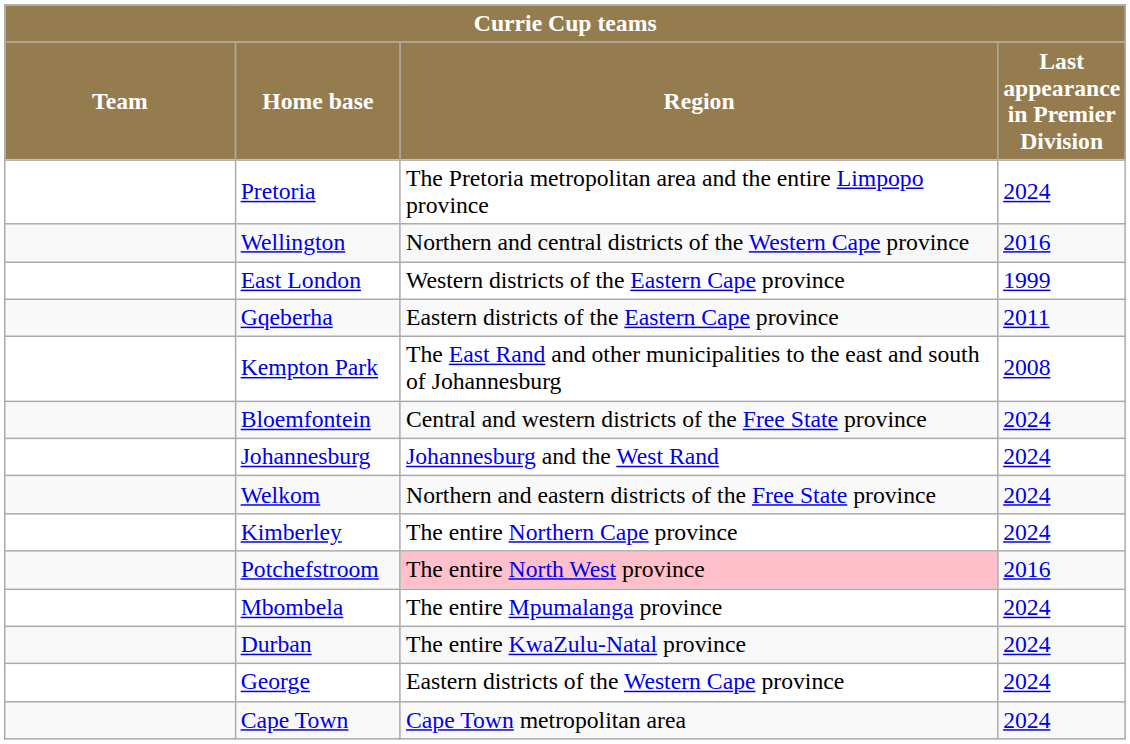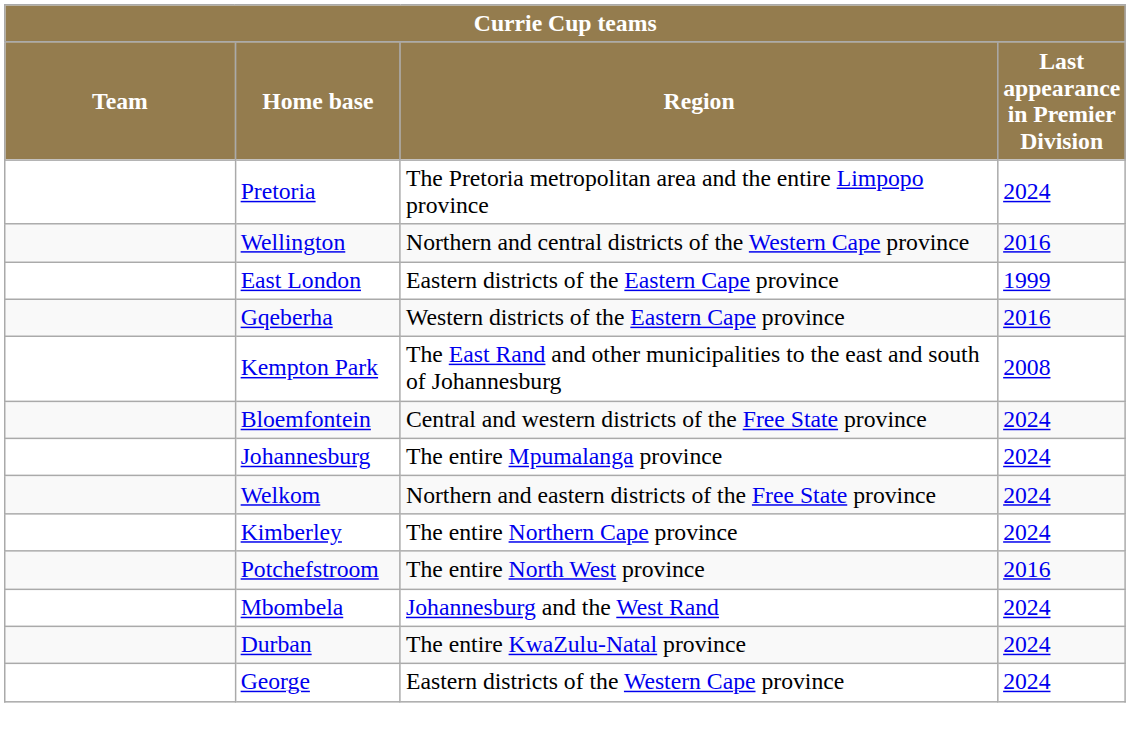 <table class="wikitable sortable" style="text-align:left; font-size:100%; width:60%;">
 <tr>
 <td colspan=4 align=center ! style="background: #947C4E; color:#FFFFFF"><strong>Currie Cup teams</strong></td>
 </tr>
 <tr>
 <th style="background: #947C4E; color:#FFFFFF" width="23%">Team</th>
 <th style="background: #947C4E; color:#FFFFFF" width="15%">Home base</th>
 <th style="background: #947C4E; color:#FFFFFF" width="60%">Region</th>
 <th style="background: #947C4E; color:#FFFFFF" width="60%">Last appearance in Premier Division</th>
 </tr>
 <tr style="background:#FFFFFF;">
 <td> </td>
 <td><a href='#'>Pretoria</a></td>
 <td>The Pretoria metropolitan area and the entire <a href='#'>Limpopo</a> province</td>
 <td><a href='#'>2024</a></td>
 </tr>
 <tr>
 <td> </td>
 <td><a href='#'>Wellington</a></td>
 <td>Northern and central districts of the <a href='#'>Western Cape</a> province</td>
 <td><a href='#'>2016</a></td>
 </tr>
 <tr style="background:#FFFFFF;">
 <td> </td>
 <td><a href='#'>East London</a></td>
-<td>Western districts of the <a href='#'>Eastern Cape</a> province</td>
+<td>Eastern districts of the <a href='#'>Eastern Cape</a> province</td>
 <td><a href='#'>1999</a></td>
 </tr>
 <tr>
 <td> </td>
 <td><a href='#'>Gqeberha</a></td>
-<td>Eastern districts of the <a href='#'>Eastern Cape</a> province</td>
-<td><a href='#'>2011</a></td>
+<td>Western districts of the <a href='#'>Eastern Cape</a> province</td>
+<td><a href='#'>2016</a></td>
 </tr>
 <tr style="background:#FFFFFF;">
 <td> </td>
 <td><a href='#'>Kempton Park</a></td>
 <td>The <a href='#'>East Rand</a> and other municipalities to the east and south of Johannesburg</td>
 <td><a href='#'>2008</a></td>
 </tr>
 <tr>
 <td> </td>
 <td><a href='#'>Bloemfontein</a></td>
 <td>Central and western districts of the <a href='#'>Free State</a> province</td>
 <td><a href='#'>2024</a></td>
 </tr>
 <tr style="background:#FFFFFF;">
 <td> </td>
 <td><a href='#'>Johannesburg</a></td>
-<td><a href='#'>Johannesburg</a> and the <a href='#'>West Rand</a></td>
+<td>The entire <a href='#'>Mpumalanga</a> province</td>
 <td><a href='#'>2024</a></td>
 </tr>
 <tr>
 <td> </td>
 <td><a href='#'>Welkom</a></td>
 <td>Northern and eastern districts of the <a href='#'>Free State</a> province</td>
 <td><a href='#'>2024</a></td>
 </tr>
 <tr style="background:#FFFFFF;">
 <td> </td>
 <td><a href='#'>Kimberley</a></td>
 <td>The entire <a href='#'>Northern Cape</a> province</td>
 <td><a href='#'>2024</a></td>
 </tr>
 <tr>
 <td> </td>
 <td><a href='#'>Potchefstroom</a></td>
-<td style="background: pink;">The entire <a href='#'>North West</a> province</td>
+<td>The entire <a href='#'>North West</a> province</td>
 <td><a href='#'>2016</a></td>
 </tr>
 <tr style="background:#FFFFFF;">
 <td> </td>
 <td><a href='#'>Mbombela</a></td>
-<td>The entire <a href='#'>Mpumalanga</a> province</td>
+<td><a href='#'>Johannesburg</a> and the <a href='#'>West Rand</a></td>
 <td><a href='#'>2024</a></td>
 </tr>
 <tr>
 <td> </td>
 <td><a href='#'>Durban</a></td>
 <td>The entire <a href='#'>KwaZulu-Natal</a> province</td>
 <td><a href='#'>2024</a></td>
 </tr>
 <tr style="background:#FFFFFF;">
 <td> </td>
 <td><a href='#'>George</a></td>
 <td>Eastern districts of the <a href='#'>Western Cape</a> province</td>
 <td><a href='#'>2024</a></td>
 </tr>
-<tr>
-<td> </td>
-<td><a href='#'>Cape Town</a></td>
-<td><a href='#'>Cape Town</a> metropolitan area</td>
-<td><a href='#'>2024</a></td>
-</tr>
 </table>
